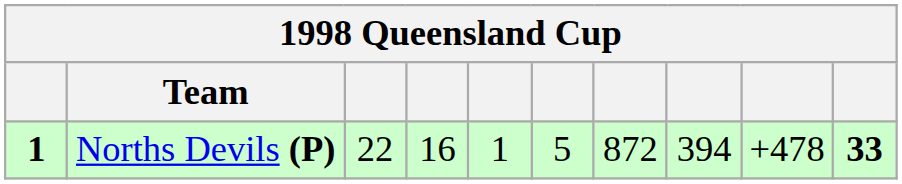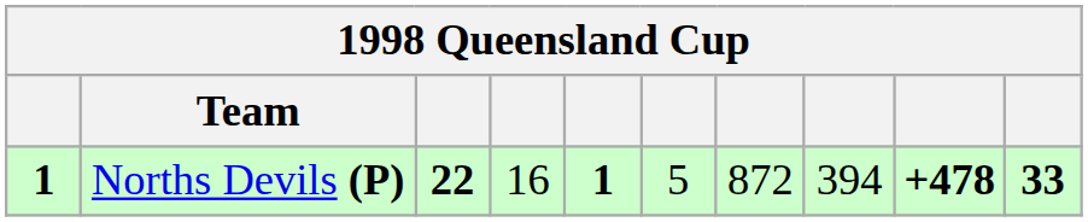 <table class="wikitable" style="text-align:center;">
 <tr>
 <th colspan="11">1998 Queensland Cup</th>
 </tr>
 <tr>
 <th width="20"></th>
 <th>Team</th>
 <th width="20"></th>
 <th width="20"></th>
 <th width="20"></th>
 <th width="20"></th>
 <th width="25"></th>
 <th width="25"></th>
 <th width="30"></th>
 <th width="20"></th>
 </tr>
 <tr style="background: #ccffcc;">
 <td><strong>1</strong></td>
 <td style="text-align:left;"> <a href='#'>Norths Devils</a> <strong>(P)</strong></td>
-<td>22</td>
+<td><strong>22</strong></td>
 <td>16</td>
-<td>1</td>
+<td><strong>1</strong></td>
 <td>5</td>
 <td>872</td>
 <td>394</td>
-<td>+478</td>
+<td><strong>+478</strong></td>
 <td><strong>33</strong></td>
 </tr>
 </table>
